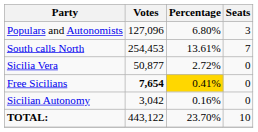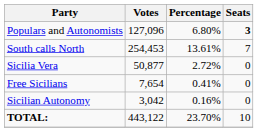 <table class="wikitable" style="text-align:right">
 <tr>
 <th>Party</th>
 <th>Votes</th>
 <th>Percentage</th>
 <th>Seats</th>
 </tr>
 <tr>
 <td style="text-align:left;"><a href='#'>Populars</a> and <a href='#'>Autonomists</a></td>
 <td>127,096</td>
 <td>6.80%</td>
-<td>3</td>
+<td><strong>3</strong></td>
 </tr>
 <tr>
 <td style="text-align:left;"><a href='#'>South calls North</a></td>
 <td>254,453</td>
 <td>13.61%</td>
 <td>7</td>
 </tr>
 <tr>
 <td style="text-align:left;"><a href='#'>Sicilia Vera</a></td>
 <td>50,877</td>
 <td>2.72%</td>
 <td>0</td>
 </tr>
 <tr>
 <td style="text-align:left;"><a href='#'>Free Sicilians</a></td>
-<td><strong>7,654</strong></td>
-<td style="background: gold;">0.41%</td>
+<td>7,654</td>
+<td>0.41%</td>
 <td>0</td>
 </tr>
 <tr>
 <td style="text-align:left;"><a href='#'>Sicilian Autonomy</a></td>
 <td>3,042</td>
 <td>0.16%</td>
 <td>0</td>
 </tr>
 <tr>
 <td style="text-align:left;"><strong>TOTAL:</strong></td>
 <td>443,122</td>
 <td>23.70%</td>
 <td>10</td>
 </tr>
 <tr>
 </tr>
 </table>
